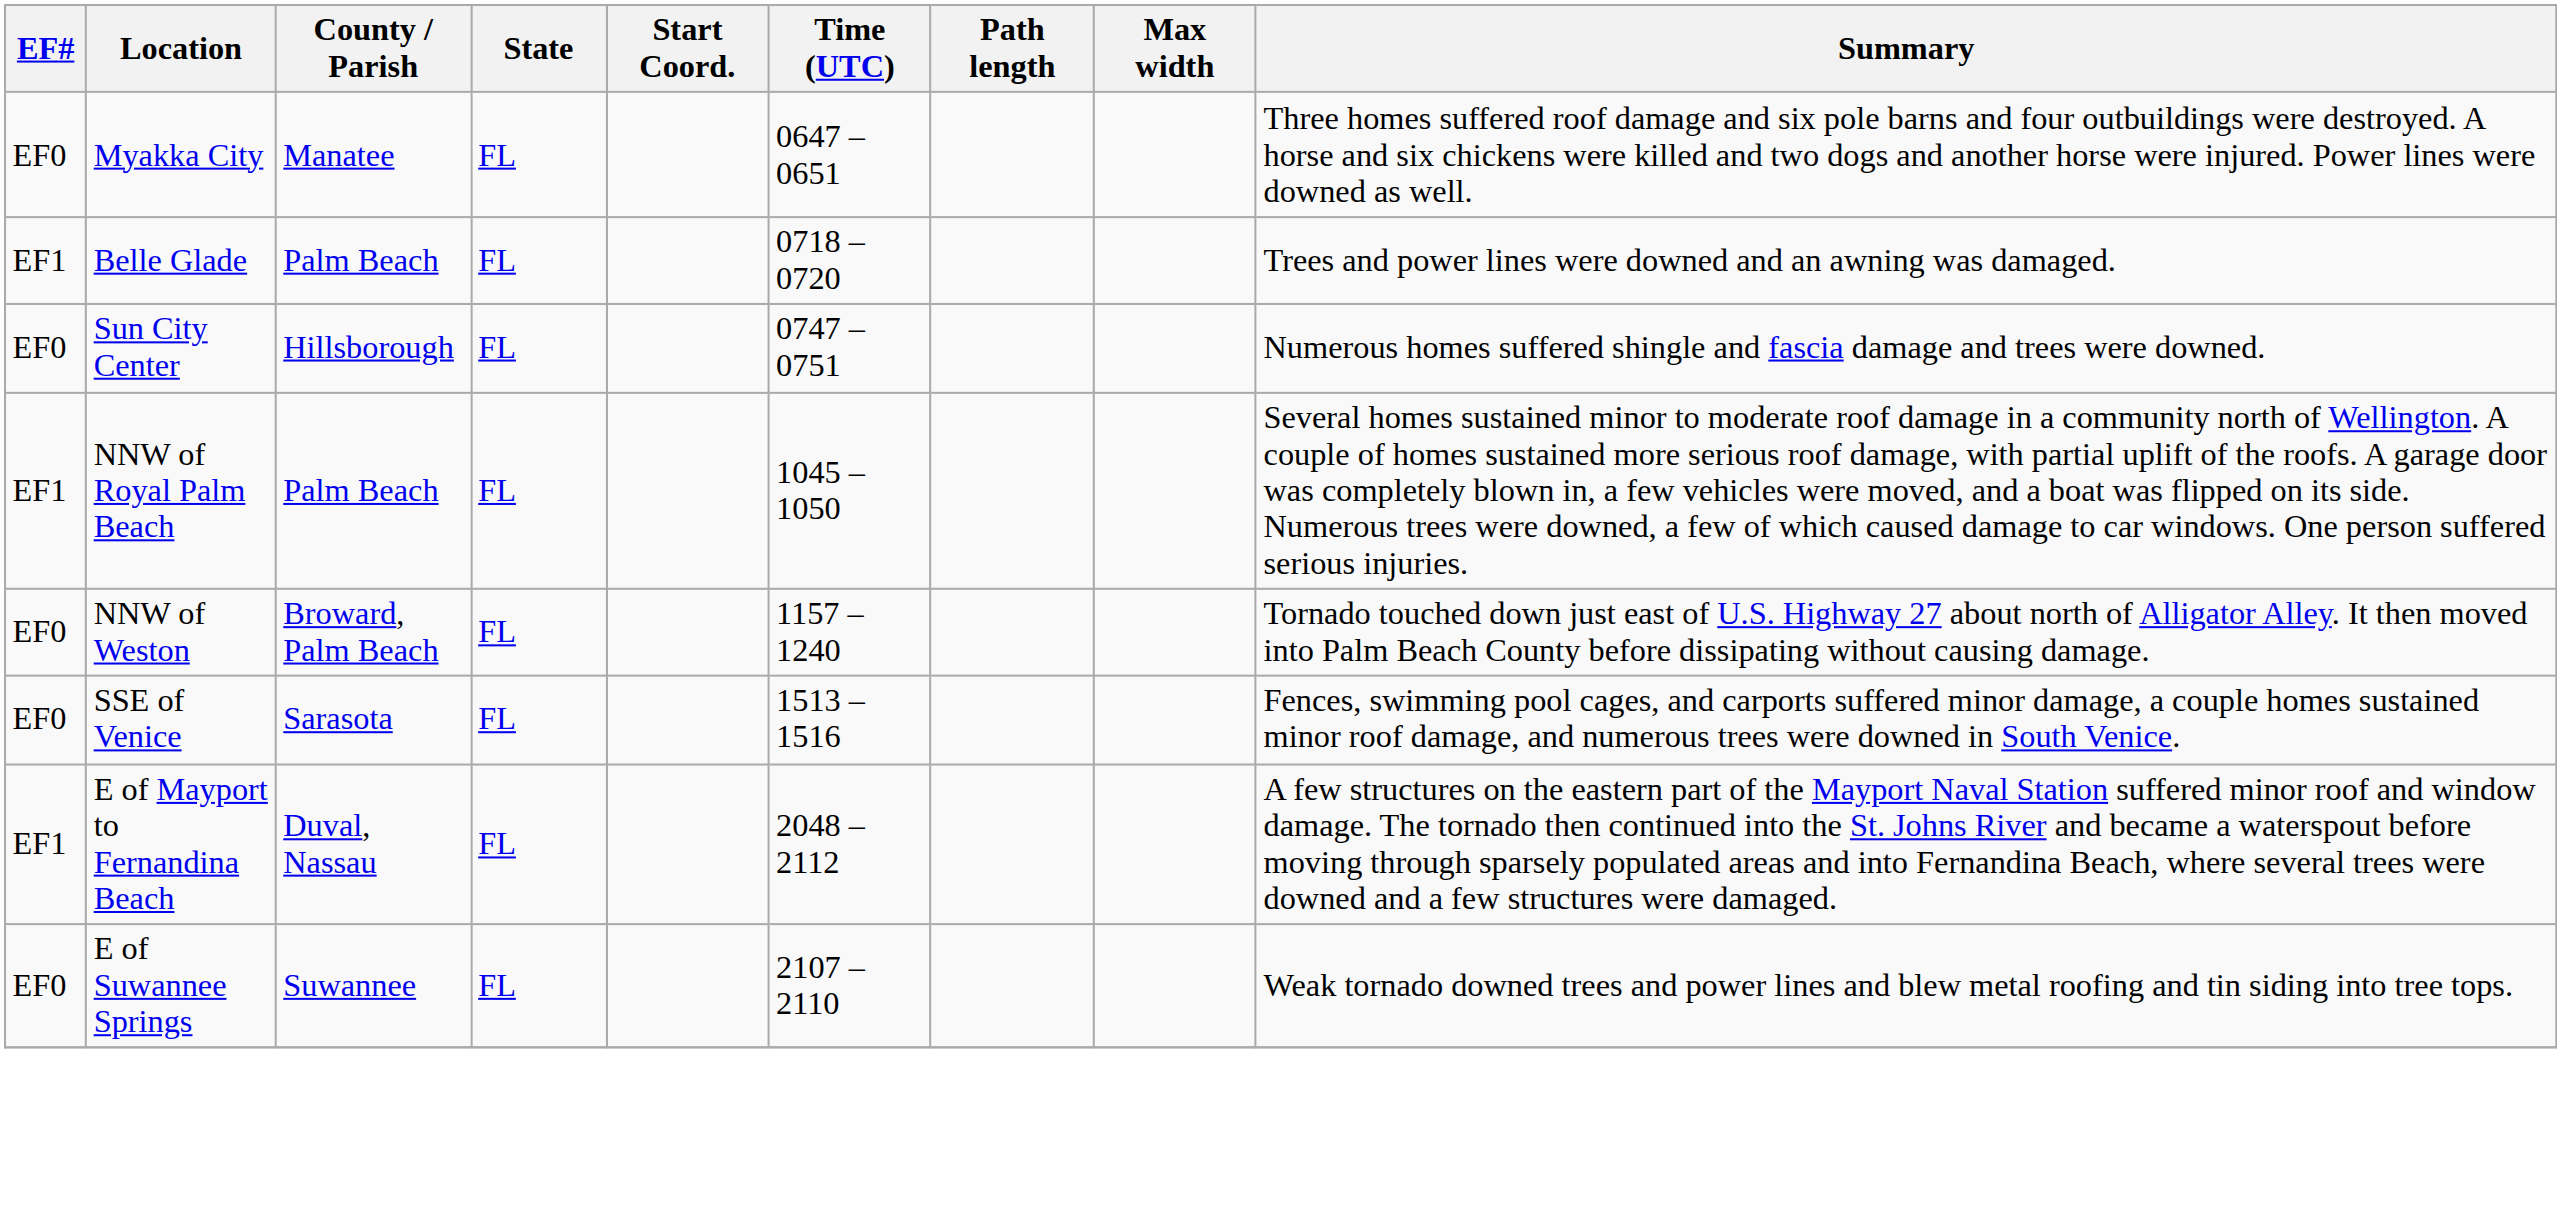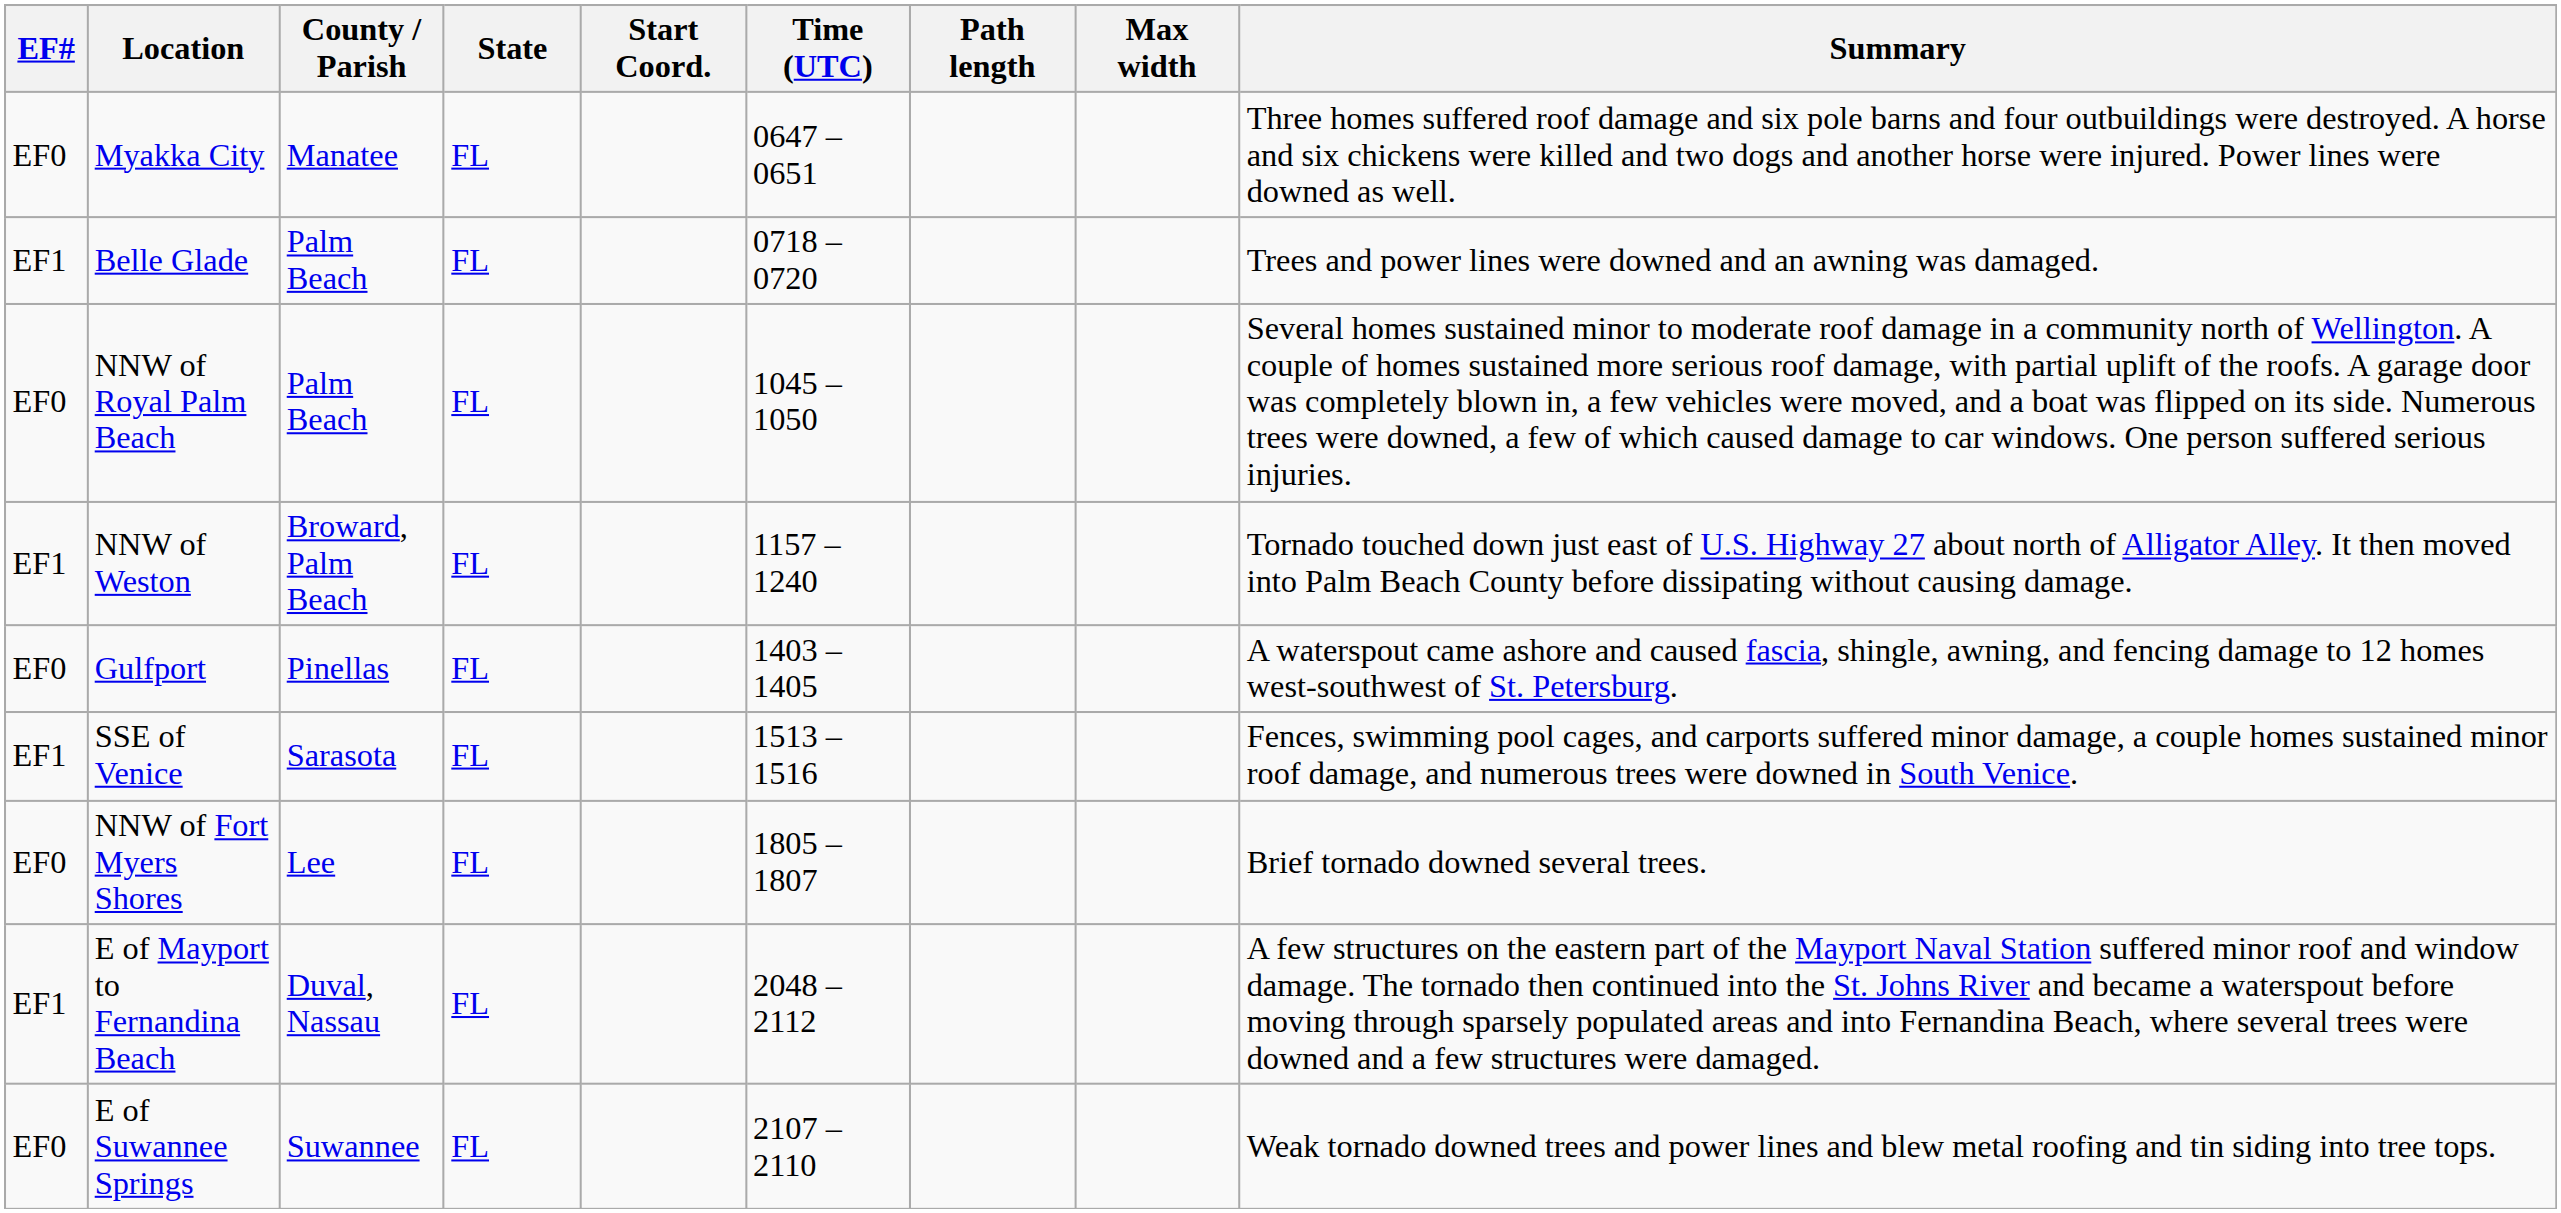 <table class="wikitable sortable" style="width:100%;">
 <tr>
 <th scope="col" width="3%" align="center"><a href='#'>EF#</a></th>
 <th scope="col" width="7%" align="center" class="unsortable">Location</th>
 <th scope="col" width="6%" align="center" class="unsortable">County / Parish</th>
 <th scope="col" width="5%" align="center">State</th>
 <th scope="col" width="6%" align="center">Start Coord.</th>
 <th scope="col" width="6%" align="center">Time (<a href='#'>UTC</a>)</th>
 <th scope="col" width="6%" align="center">Path length</th>
 <th scope="col" width="6%" align="center">Max width</th>
 <th scope="col" width="48%" class="unsortable" align="center">Summary</th>
 </tr>
 <tr>
 <td>EF0</td>
 <td><a href='#'>Myakka City</a></td>
 <td><a href='#'>Manatee</a></td>
 <td><a href='#'>FL</a></td>
 <td></td>
 <td>0647 – 0651</td>
 <td></td>
 <td></td>
 <td>Three homes suffered roof damage and six pole barns and four outbuildings were destroyed. A horse and six chickens were killed and two dogs and another horse were injured. Power lines were downed as well.</td>
 </tr>
 <tr>
 <td>EF1</td>
 <td><a href='#'>Belle Glade</a></td>
 <td><a href='#'>Palm Beach</a></td>
 <td><a href='#'>FL</a></td>
 <td></td>
 <td>0718 – 0720</td>
 <td></td>
 <td></td>
 <td>Trees and power lines were downed and an awning was damaged.</td>
 </tr>
 <tr>
 <td>EF0</td>
-<td><a href='#'>Sun City Center</a></td>
-<td><a href='#'>Hillsborough</a></td>
-<td><a href='#'>FL</a></td>
-<td></td>
-<td>0747 – 0751 </td>
-<td></td>
-<td></td>
-<td>Numerous homes suffered shingle and <a href='#'>fascia</a> damage and trees were downed.</td>
-</tr>
-<tr>
-<td>EF1</td>
 <td>NNW of <a href='#'>Royal Palm Beach</a></td>
 <td><a href='#'>Palm Beach</a></td>
 <td><a href='#'>FL</a></td>
 <td></td>
 <td>1045 – 1050</td>
 <td></td>
 <td></td>
 <td>Several homes sustained minor to moderate roof damage in a community north of <a href='#'>Wellington</a>. A couple of homes sustained more serious roof damage, with partial uplift of the roofs. A garage door was completely blown in, a few vehicles were moved, and a  boat was flipped on its side. Numerous trees were downed, a few of which caused damage to car windows. One person suffered serious injuries.</td>
 </tr>
 <tr>
-<td>EF0</td>
+<td>EF1</td>
 <td>NNW of <a href='#'>Weston</a></td>
 <td><a href='#'>Broward</a>, <a href='#'>Palm Beach</a></td>
 <td><a href='#'>FL</a></td>
 <td></td>
 <td>1157 – 1240</td>
 <td></td>
 <td></td>
 <td>Tornado touched down just east of <a href='#'>U.S. Highway 27</a> about  north of <a href='#'>Alligator Alley</a>. It then moved into Palm Beach County before dissipating without causing damage.</td>
 </tr>
 <tr>
 <td>EF0</td>
+<td><a href='#'>Gulfport</a></td>
+<td><a href='#'>Pinellas</a></td>
+<td><a href='#'>FL</a></td>
+<td></td>
+<td>1403 – 1405</td>
+<td></td>
+<td></td>
+<td>A waterspout came ashore and caused <a href='#'>fascia</a>, shingle, awning, and fencing damage to 12 homes west-southwest of <a href='#'>St. Petersburg</a>.</td>
+</tr>
+<tr>
+<td>EF1</td>
 <td>SSE of <a href='#'>Venice</a></td>
 <td><a href='#'>Sarasota</a></td>
 <td><a href='#'>FL</a></td>
 <td></td>
 <td>1513 – 1516</td>
 <td></td>
 <td></td>
 <td>Fences, swimming pool cages, and carports suffered minor damage, a couple homes sustained minor roof damage, and numerous trees were downed in <a href='#'>South Venice</a>.</td>
+</tr>
+<tr>
+<td>EF0</td>
+<td>NNW of <a href='#'>Fort Myers Shores</a></td>
+<td><a href='#'>Lee</a></td>
+<td><a href='#'>FL</a></td>
+<td></td>
+<td>1805 – 1807</td>
+<td></td>
+<td></td>
+<td>Brief tornado downed several trees.</td>
 </tr>
 <tr>
 <td>EF1</td>
 <td>E of <a href='#'>Mayport</a> to <a href='#'>Fernandina Beach</a></td>
 <td><a href='#'>Duval</a>, <a href='#'>Nassau</a></td>
 <td><a href='#'>FL</a></td>
 <td></td>
 <td>2048 – 2112</td>
 <td></td>
 <td></td>
 <td>A few structures on the eastern part of the <a href='#'>Mayport Naval Station</a> suffered minor roof and window damage. The tornado then continued into the <a href='#'>St. Johns River</a> and became a waterspout before moving through sparsely populated areas and into Fernandina Beach, where several trees were downed and a few structures were damaged.</td>
 </tr>
 <tr>
 <td>EF0</td>
 <td>E of <a href='#'>Suwannee Springs</a></td>
 <td><a href='#'>Suwannee</a></td>
 <td><a href='#'>FL</a></td>
 <td></td>
 <td>2107 – 2110</td>
 <td></td>
 <td></td>
 <td>Weak tornado downed trees and power lines and blew metal roofing and tin siding into tree tops.</td>
 </tr>
 <tr>
 </tr>
 </table>
